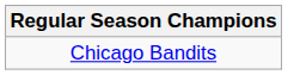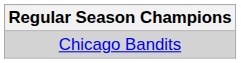 <table class="wikitable" style="text-align:center">
 <tr>
 <th>Regular Season Champions</th>
 </tr>
 <tr>
-<td><a href='#'>Chicago Bandits</a></td>
+<td style="background: lightgrey;"><a href='#'>Chicago Bandits</a></td>
 </tr>
 </table>
